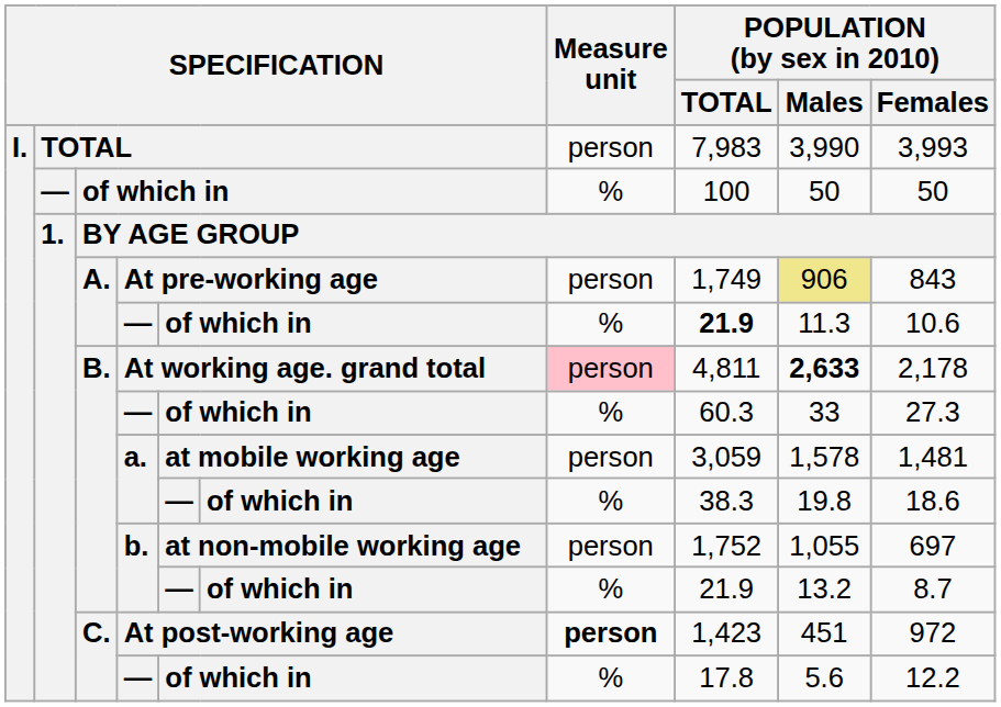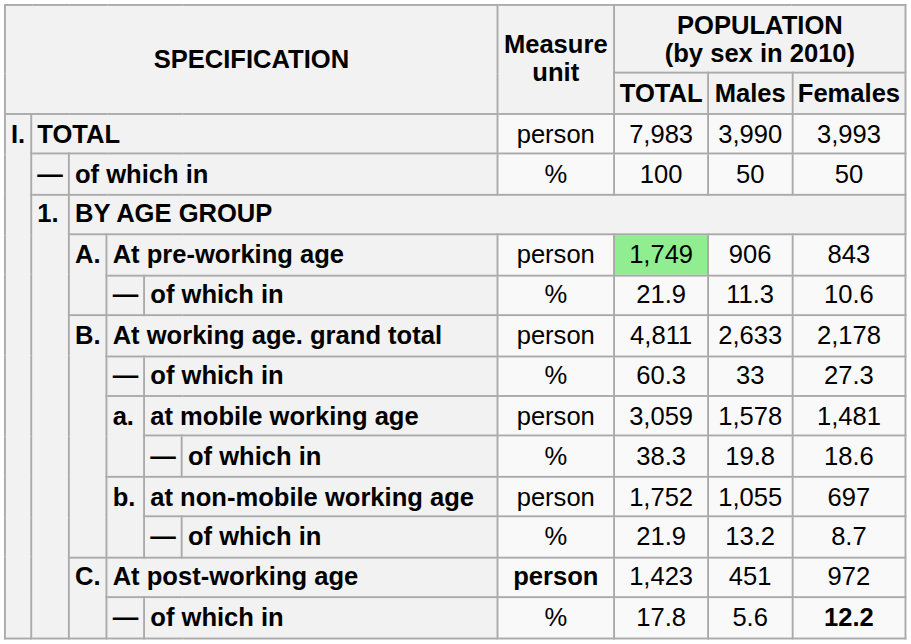 <table class="wikitable" style="font-size:85%; text-align:center">
 <tr>
 <th rowspan="2" colspan="6">SPECIFICATION</th>
 <th rowspan="2">Measure<br> unit</th>
 <th colspan="3" rowspan="1">POPULATION<br> (by sex in 2010)</th>
 </tr>
 <tr>
 <th>TOTAL</th>
 <th>Males</th>
 <th>Females</th>
 </tr>
 <tr>
 <th style="text-align:left" valign="top" rowspan="13">I.</th>
 <th style="text-align:left" colspan="5">TOTAL</th>
 <td>person</td>
 <td>7,983</td>
 <td>3,990</td>
 <td>3,993</td>
 </tr>
 <tr>
 <th style="text-align:left" valign="top">—</th>
 <th style="text-align:left" colspan="4">of which in</th>
 <td>%</td>
 <td>100</td>
 <td>50</td>
 <td>50</td>
 </tr>
 <tr>
 <th style="text-align:left" valign="top" rowspan="11">1.</th>
 <th style="text-align:left" colspan="19">BY AGE GROUP</th>
 </tr>
 <tr>
 <th style="text-align:left" valign="top" rowspan="2">A.</th>
 <th style="text-align:left" colspan="3">At pre-working age</th>
 <td>person</td>
-<td>1,749</td>
-<td style="background: khaki;">906</td>
+<td style="background: lightgreen;">1,749</td>
+<td>906</td>
 <td>843</td>
 </tr>
 <tr>
 <th style="text-align:left" valign="top">—</th>
 <th style="text-align:left" valign="top" colspan="2">of which in</th>
 <td>%</td>
-<td><strong>21.9</strong></td>
+<td>21.9</td>
 <td>11.3</td>
 <td>10.6</td>
 </tr>
 <tr>
 <th style="text-align:left" valign="top" rowspan="6">B.</th>
 <th style="text-align:left" colspan="3">At working age. grand total</th>
-<td style="background: pink;">person</td>
+<td>person</td>
 <td>4,811</td>
-<td><strong>2,633</strong></td>
+<td>2,633</td>
 <td>2,178</td>
 </tr>
 <tr>
 <th style="text-align:left" valign="top">—</th>
 <th style="text-align:left" valign="top" colspan="2">of which in</th>
 <td>%</td>
 <td>60.3</td>
 <td>33</td>
 <td>27.3</td>
 </tr>
 <tr>
 <th style="text-align:left" valign="top" rowspan="2">a.</th>
 <th style="text-align:left" colspan="2">at mobile working age</th>
 <td>person</td>
 <td>3,059</td>
 <td>1,578</td>
 <td>1,481</td>
 </tr>
 <tr>
 <th style="text-align:left" valign="top">—</th>
 <th style="text-align:left" valign="top" colspan="1">of which in                        </th>
 <td>%</td>
 <td>38.3</td>
 <td>19.8</td>
 <td>18.6</td>
 </tr>
 <tr>
 <th style="text-align:left" valign="top" rowspan="2">b.</th>
 <th style="text-align:left" colspan="2">at non-mobile working age</th>
 <td>person</td>
 <td>1,752</td>
 <td>1,055</td>
 <td>697</td>
 </tr>
 <tr>
 <th style="text-align:left" valign="top">—</th>
 <th style="text-align:left" valign="top" colspan="1">of which in                        </th>
 <td>%</td>
 <td>21.9</td>
 <td>13.2</td>
 <td>8.7</td>
 </tr>
 <tr>
 <th style="text-align:left" valign="top" rowspan="2">C.</th>
 <th style="text-align:left" colspan="3">At post-working age</th>
 <td><strong>person</strong></td>
 <td>1,423</td>
 <td>451</td>
 <td>972</td>
 </tr>
 <tr>
 <th style="text-align:left" valign="top">—</th>
 <th style="text-align:left" valign="top" colspan="2">of which in</th>
 <td>%</td>
 <td>17.8</td>
 <td>5.6</td>
-<td>12.2</td>
+<td><strong>12.2</strong></td>
 </tr>
 </table>
